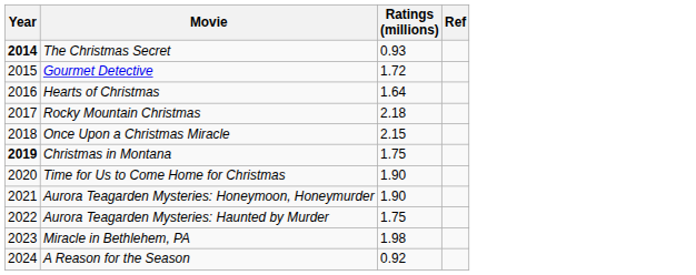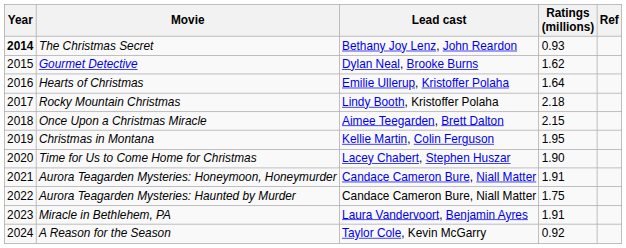 <table class="sortable wikitable" style="align:left;">
 <tr>
 <th scope="col">Year</th>
 <th scope="col">Movie</th>
+<th scope="col">Lead cast</th>
 <th scope="col">Ratings<br>(millions)</th>
 <th scope="col" class="unsortable">Ref</th>
 </tr>
 <tr>
 <td><strong>2014</strong></td>
 <td><em>The Christmas Secret</em></td>
+<td><a href='#'>Bethany Joy Lenz</a>, <a href='#'>John Reardon</a></td>
 <td>0.93</td>
 <td></td>
 </tr>
 <tr>
 <td>2015</td>
 <td><em><a href='#'>Gourmet Detective</a></em></td>
-<td>1.72</td>
+<td><a href='#'>Dylan Neal</a>, <a href='#'>Brooke Burns</a></td>
+<td>1.62</td>
 <td></td>
 </tr>
 <tr>
 <td>2016</td>
 <td><em>Hearts of Christmas</em></td>
+<td><a href='#'>Emilie Ullerup</a>, <a href='#'>Kristoffer Polaha</a></td>
 <td>1.64</td>
 <td></td>
 </tr>
 <tr>
 <td>2017</td>
 <td><em>Rocky Mountain Christmas</em></td>
+<td><a href='#'>Lindy Booth</a>, Kristoffer Polaha</td>
 <td>2.18</td>
 <td></td>
 </tr>
 <tr>
 <td>2018</td>
 <td><em>Once Upon a Christmas Miracle</em></td>
+<td><a href='#'>Aimee Teegarden</a>, <a href='#'>Brett Dalton</a></td>
 <td>2.15</td>
 <td></td>
 </tr>
 <tr>
-<td><strong>2019</strong></td>
+<td>2019</td>
 <td><em>Christmas in Montana</em></td>
-<td>1.75</td>
+<td><a href='#'>Kellie Martin</a>, <a href='#'>Colin Ferguson</a></td>
+<td>1.95</td>
 <td></td>
 </tr>
 <tr>
 <td>2020</td>
 <td><em>Time for Us to Come Home for Christmas</em></td>
+<td><a href='#'>Lacey Chabert</a>, <a href='#'>Stephen Huszar</a></td>
 <td>1.90</td>
 <td></td>
 </tr>
 <tr>
 <td>2021</td>
 <td><em>Aurora Teagarden Mysteries: Honeymoon, Honeymurder</em></td>
-<td>1.90</td>
+<td><a href='#'>Candace Cameron Bure</a>, <a href='#'>Niall Matter</a></td>
+<td>1.91</td>
 <td></td>
 </tr>
 <tr>
 <td>2022</td>
 <td><em>Aurora Teagarden Mysteries: Haunted by Murder</em></td>
+<td>Candace Cameron Bure, Niall Matter</td>
 <td>1.75</td>
 <td></td>
 </tr>
 <tr>
 <td>2023</td>
 <td><em>Miracle in Bethlehem, PA</em></td>
-<td>1.98</td>
+<td><a href='#'>Laura Vandervoort</a>, <a href='#'>Benjamin Ayres</a></td>
+<td>1.91</td>
 <td></td>
 </tr>
 <tr>
 <td>2024</td>
 <td><em>A Reason for the Season</em></td>
+<td><a href='#'>Taylor Cole</a>, Kevin McGarry</td>
 <td>0.92</td>
 <td></td>
 </tr>
 </table>
